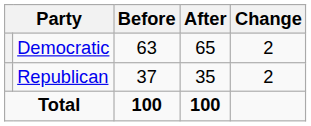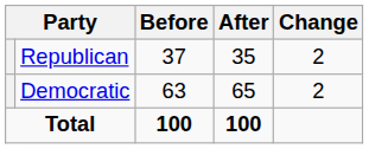 <table class="wikitable" style="text-align:center;">
 <tr>
 <th colspan="2">Party</th>
 <th>Before</th>
 <th>After</th>
 <th>Change</th>
 </tr>
 <tr>
 <th style="background-color:"></th>
-<td style="text-align:left;"><a href='#'>Democratic</a></td>
-<td>63</td>
-<td>65</td>
+<td style="text-align:left;"><a href='#'>Republican</a></td>
+<td>37</td>
+<td>35</td>
 <td> 2</td>
 </tr>
 <tr>
 <th style="background-color:"></th>
-<td style="text-align:left;"><a href='#'>Republican</a></td>
-<td>37</td>
-<td>35</td>
+<td style="text-align:left;"><a href='#'>Democratic</a></td>
+<td>63</td>
+<td>65</td>
 <td> 2</td>
 </tr>
 <tr>
 <td colspan="2"><strong>Total</strong></td>
 <td><strong>100</strong></td>
 <td><strong>100</strong></td>
 <td></td>
 </tr>
 </table>
